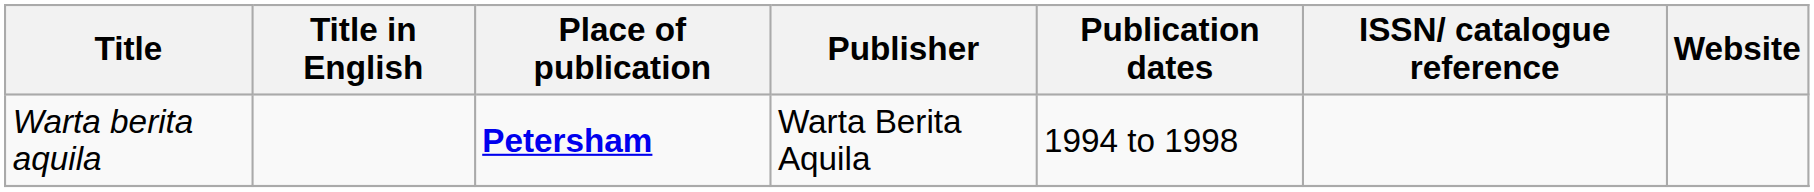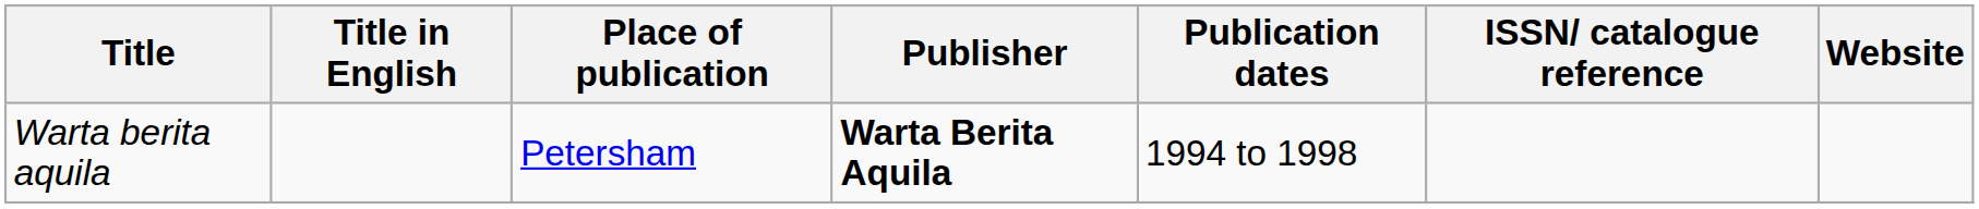 <table class="wikitable sortable">
 <tr>
 <th>Title</th>
 <th>Title in English</th>
 <th>Place of publication</th>
 <th>Publisher</th>
 <th>Publication dates</th>
 <th>ISSN/ catalogue reference</th>
 <th>Website</th>
 </tr>
 <tr>
 <td><em>Warta berita aquila</em></td>
 <td></td>
-<td><strong><a href='#'>Petersham</a></strong></td>
-<td>Warta Berita Aquila</td>
+<td><a href='#'>Petersham</a></td>
+<td><strong>Warta Berita Aquila</strong></td>
 <td>1994 to 1998</td>
 <td></td>
 <td></td>
 </tr>
 <tr>
 </tr>
 </table>
